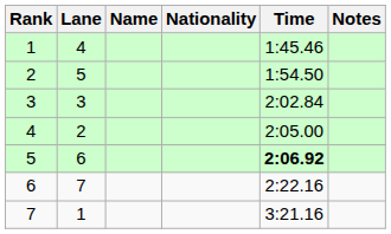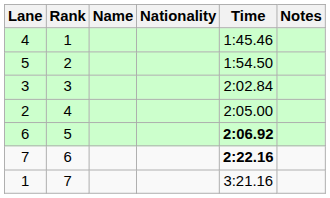 <table class="wikitable sortable" style="text-align:center">
 <tr>
+<th>Lane</th>
 <th>Rank</th>
-<th>Lane</th>
 <th>Name</th>
 <th>Nationality</th>
 <th>Time</th>
 <th>Notes</th>
 </tr>
 <tr bgcolor=ccffcc>
+<td>4</td>
 <td>1</td>
-<td>4</td>
 <td align=left></td>
 <td align=left></td>
 <td>1:45.46</td>
 <td><strong></strong></td>
 </tr>
 <tr bgcolor=ccffcc>
+<td>5</td>
 <td>2</td>
-<td>5</td>
 <td align=left></td>
 <td align=left></td>
 <td>1:54.50</td>
 <td><strong></strong></td>
 </tr>
 <tr bgcolor=ccffcc>
 <td>3</td>
 <td>3</td>
 <td align=left></td>
 <td align=left></td>
 <td>2:02.84</td>
 <td><strong></strong></td>
 </tr>
 <tr bgcolor=ccffcc>
+<td>2</td>
 <td>4</td>
-<td>2</td>
 <td align=left></td>
 <td align=left></td>
 <td>2:05.00</td>
 <td><strong></strong></td>
 </tr>
 <tr bgcolor=ccffcc>
+<td>6</td>
 <td>5</td>
-<td>6</td>
 <td align=left></td>
 <td align=left></td>
 <td><strong>2:06.92</strong></td>
 <td><strong></strong></td>
 </tr>
 <tr>
+<td>7</td>
 <td>6</td>
-<td>7</td>
 <td align=left></td>
 <td align=left></td>
-<td>2:22.16</td>
+<td><strong>2:22.16</strong></td>
 <td></td>
 </tr>
 <tr>
+<td>1</td>
 <td>7</td>
-<td>1</td>
 <td align=left></td>
 <td align=left></td>
 <td>3:21.16</td>
 <td></td>
 </tr>
 </table>
